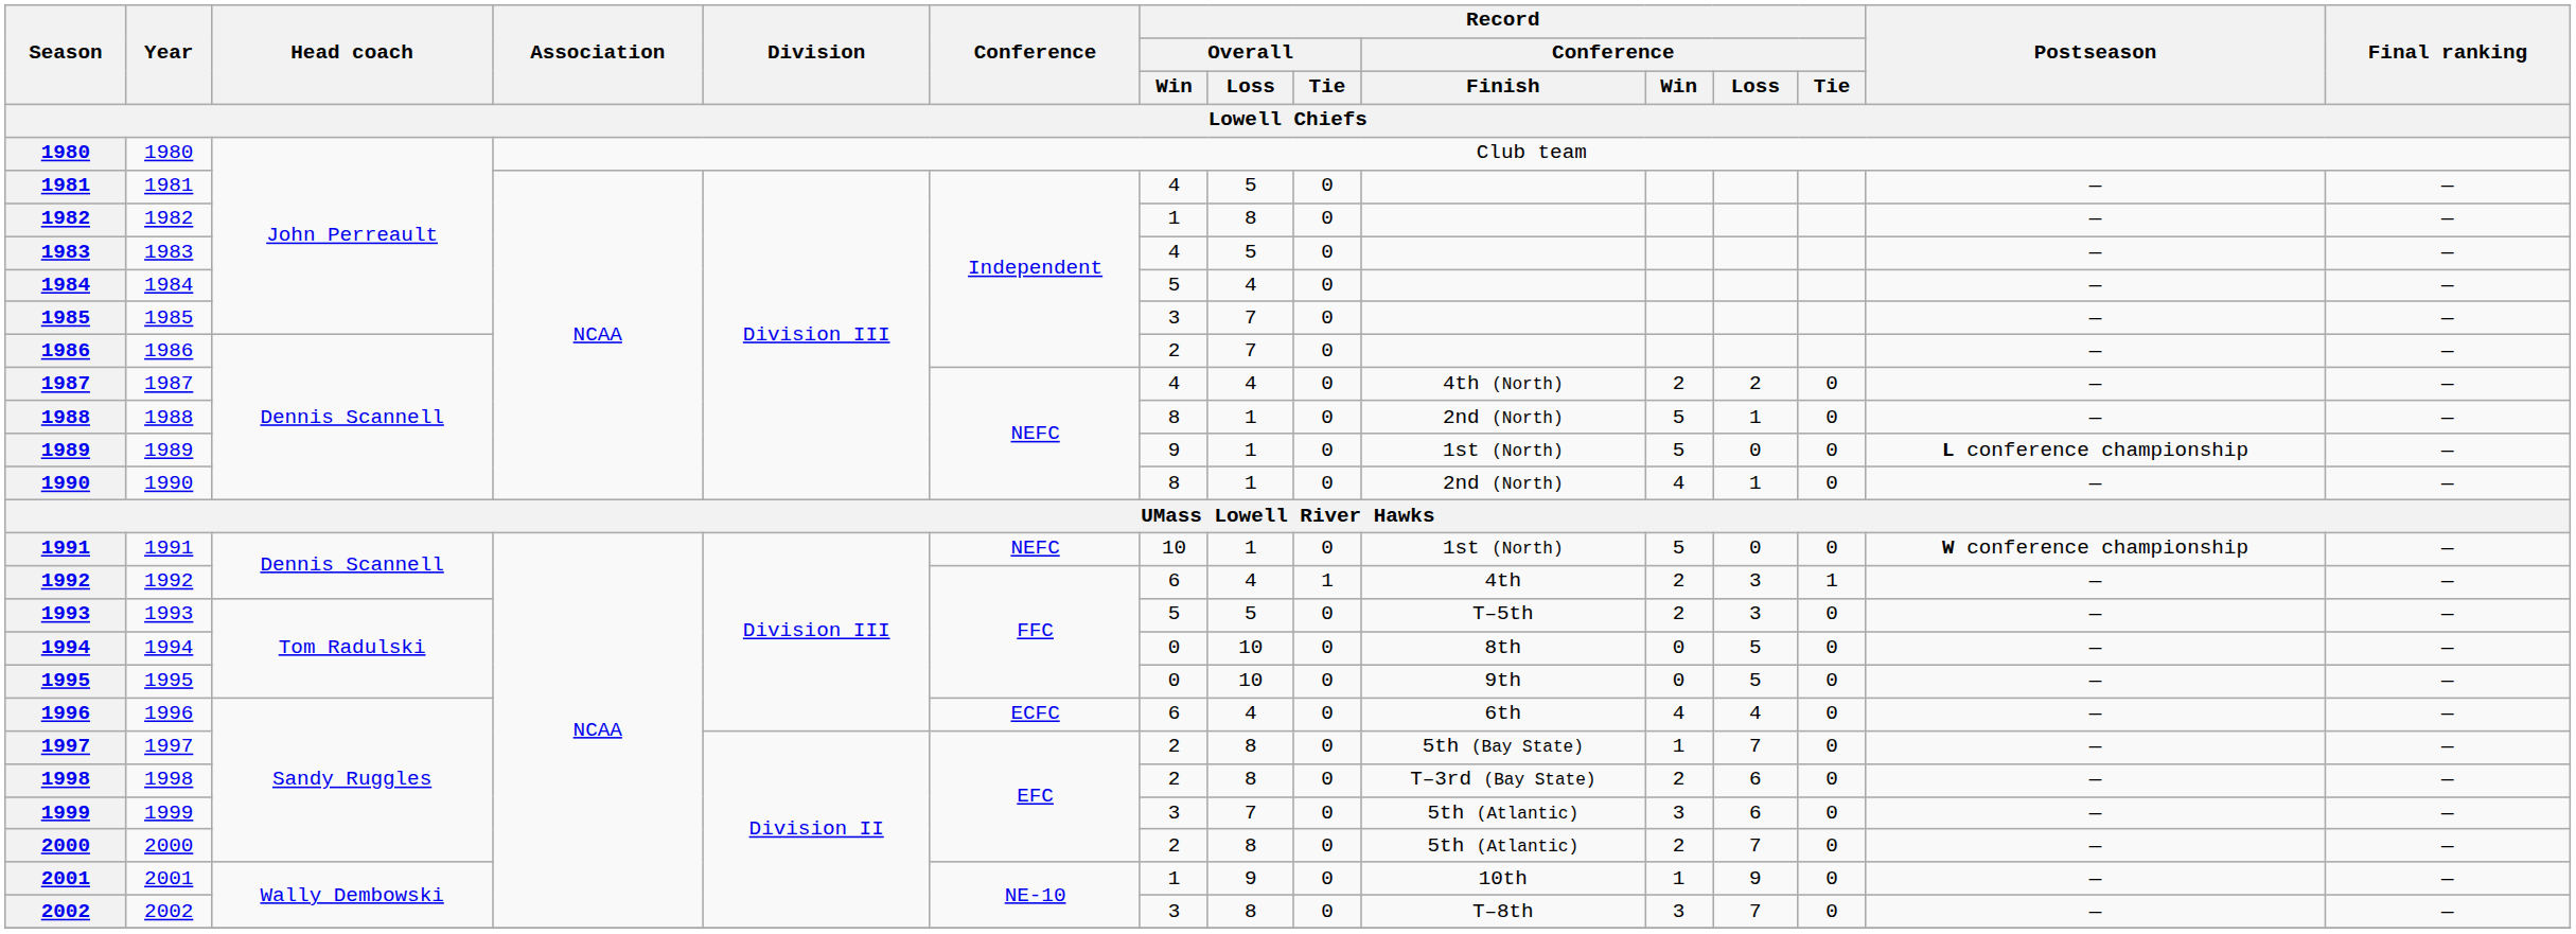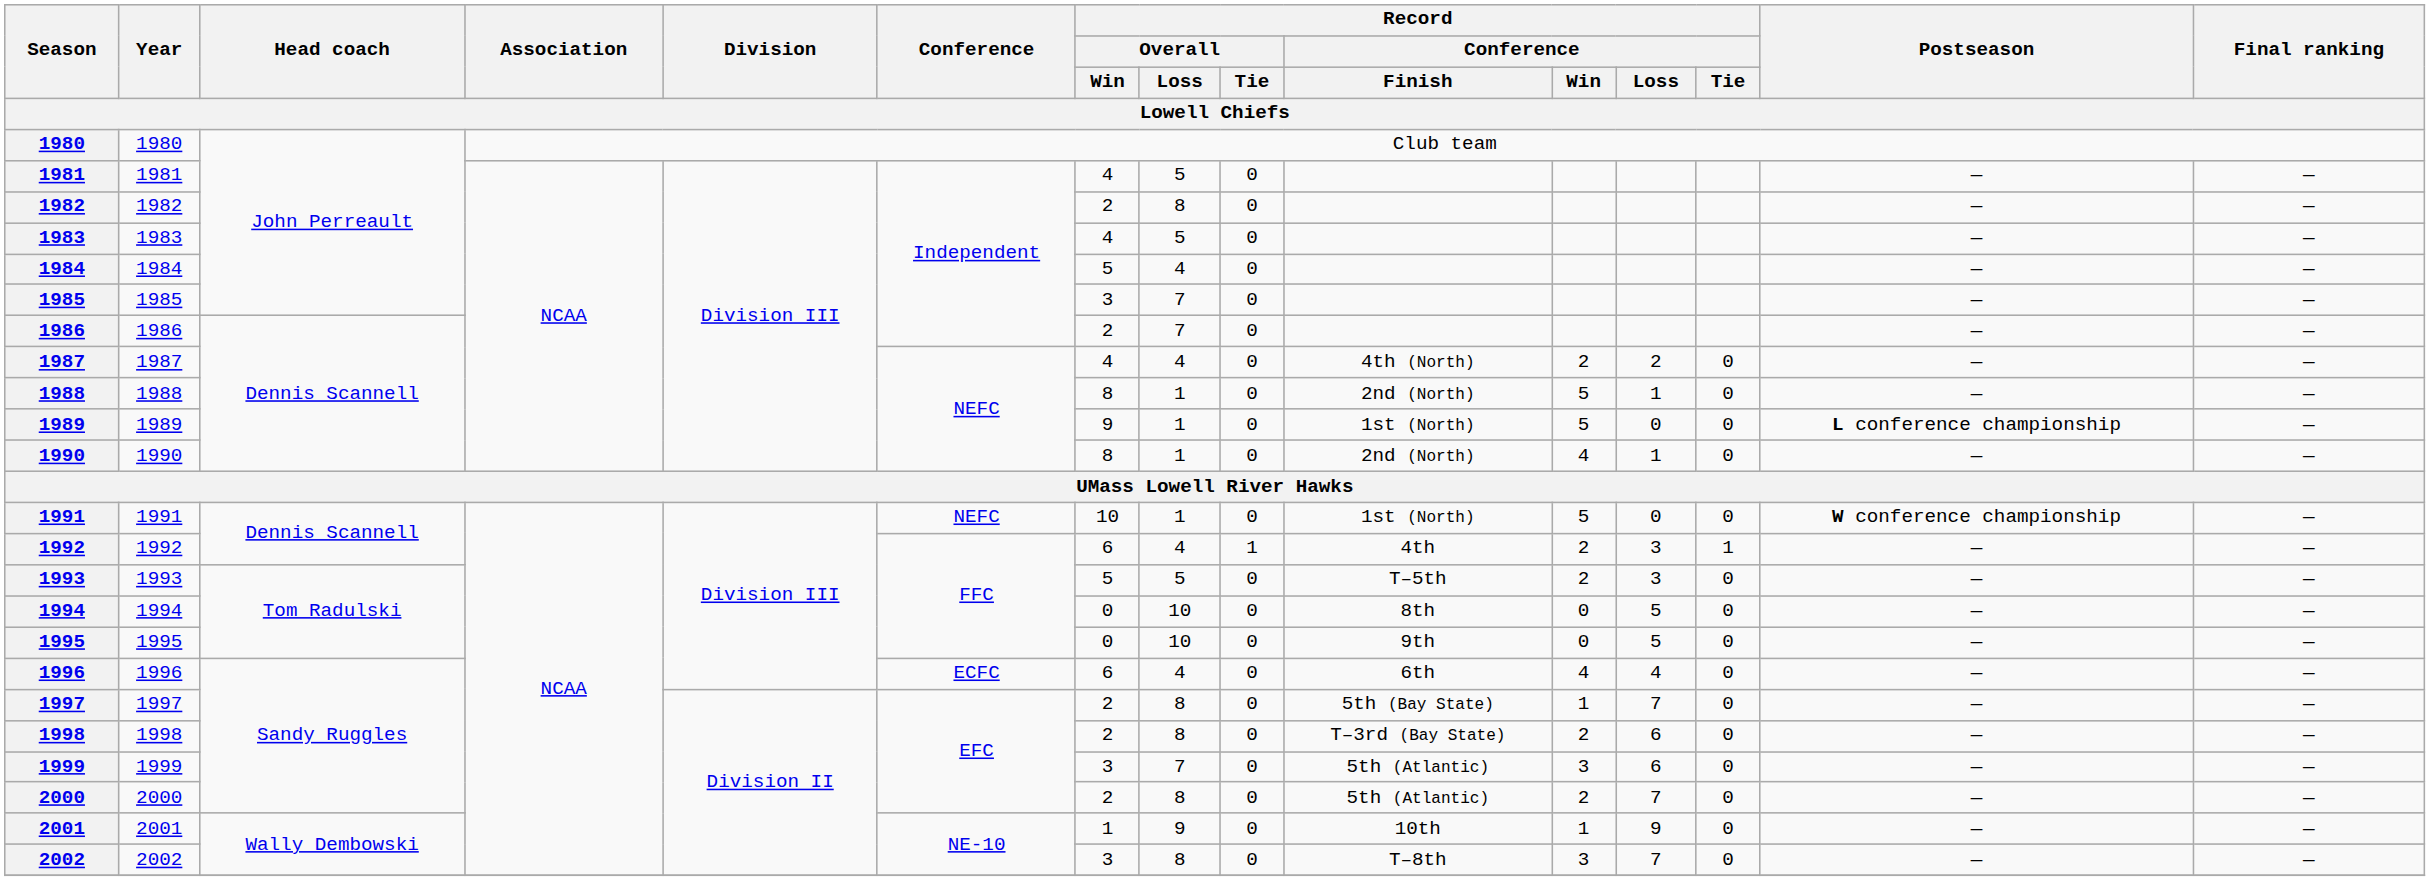 <table class="wikitable" style="font-size: 95%; width:98%;text-align:center;">
 <tr>
 <th rowspan="3">Season</th>
 <th rowspan="3">Year</th>
 <th rowspan="3">Head coach</th>
 <th rowspan="3">Association</th>
 <th rowspan="3">Division</th>
 <th rowspan="3">Conference</th>
 <th colspan="7">Record</th>
 <th rowspan="3">Postseason</th>
 <th rowspan="3">Final ranking</th>
 </tr>
 <tr>
 <th colspan="3">Overall</th>
 <th colspan="4">Conference</th>
 </tr>
 <tr>
 <th>Win</th>
 <th>Loss</th>
 <th>Tie</th>
 <th>Finish</th>
 <th>Win</th>
 <th>Loss</th>
 <th>Tie</th>
 </tr>
 <tr>
 <th colspan="15">Lowell Chiefs</th>
 </tr>
 <tr>
 <th><a href='#'>1980</a></th>
 <td><a href='#'>1980</a></td>
 <td rowspan="6"><a href='#'>John Perreault</a></td>
 <td colspan="12" rowspan="1">Club team</td>
 </tr>
 <tr>
 <th><a href='#'>1981</a></th>
 <td><a href='#'>1981</a></td>
 <td rowspan="10"><a href='#'>NCAA</a></td>
 <td rowspan="10"><a href='#'>Division III</a></td>
 <td rowspan="6"><a href='#'>Independent</a></td>
 <td>4</td>
 <td>5</td>
 <td>0</td>
 <td></td>
 <td></td>
 <td></td>
 <td></td>
 <td>—</td>
 <td>—</td>
 </tr>
 <tr>
 <th><a href='#'>1982</a></th>
 <td><a href='#'>1982</a></td>
-<td>1</td>
+<td>2</td>
 <td>8</td>
 <td>0</td>
 <td></td>
 <td></td>
 <td></td>
 <td></td>
 <td>—</td>
 <td>—</td>
 </tr>
 <tr>
 <th><a href='#'>1983</a></th>
 <td><a href='#'>1983</a></td>
 <td>4</td>
 <td>5</td>
 <td>0</td>
 <td></td>
 <td></td>
 <td></td>
 <td></td>
 <td>—</td>
 <td>—</td>
 </tr>
 <tr>
 <th><a href='#'>1984</a></th>
 <td><a href='#'>1984</a></td>
 <td>5</td>
 <td>4</td>
 <td>0</td>
 <td></td>
 <td></td>
 <td></td>
 <td></td>
 <td>—</td>
 <td>—</td>
 </tr>
 <tr>
 <th><a href='#'>1985</a></th>
 <td><a href='#'>1985</a></td>
 <td>3</td>
 <td>7</td>
 <td>0</td>
 <td></td>
 <td></td>
 <td></td>
 <td></td>
 <td>—</td>
 <td>—</td>
 </tr>
 <tr>
 <th><a href='#'>1986</a></th>
 <td><a href='#'>1986</a></td>
 <td rowspan="5"><a href='#'>Dennis Scannell</a></td>
 <td>2</td>
 <td>7</td>
 <td>0</td>
 <td></td>
 <td></td>
 <td></td>
 <td></td>
 <td>—</td>
 <td>—</td>
 </tr>
 <tr>
 <th><a href='#'>1987</a></th>
 <td><a href='#'>1987</a></td>
 <td rowspan="4"><a href='#'>NEFC</a></td>
 <td>4</td>
 <td>4</td>
 <td>0</td>
 <td>4th <small>(North)</small></td>
 <td>2</td>
 <td>2</td>
 <td>0</td>
 <td>—</td>
 <td>—</td>
 </tr>
 <tr>
 <th><a href='#'>1988</a></th>
 <td><a href='#'>1988</a></td>
 <td>8</td>
 <td>1</td>
 <td>0</td>
 <td>2nd <small>(North)</small></td>
 <td>5</td>
 <td>1</td>
 <td>0</td>
 <td>—</td>
 <td>—</td>
 </tr>
 <tr>
 <th><a href='#'>1989</a></th>
 <td><a href='#'>1989</a></td>
 <td>9</td>
 <td>1</td>
 <td>0</td>
 <td>1st <small>(North)</small></td>
 <td>5</td>
 <td>0</td>
 <td>0</td>
 <td><strong>L</strong> conference championship</td>
 <td>—</td>
 </tr>
 <tr>
 <th><a href='#'>1990</a></th>
 <td><a href='#'>1990</a></td>
 <td>8</td>
 <td>1</td>
 <td>0</td>
 <td>2nd <small>(North)</small></td>
 <td>4</td>
 <td>1</td>
 <td>0</td>
 <td>—</td>
 <td>—</td>
 </tr>
 <tr>
 <th colspan="15">UMass Lowell River Hawks</th>
 </tr>
 <tr>
 <th><a href='#'>1991</a></th>
 <td><a href='#'>1991</a></td>
 <td rowspan="2"><a href='#'>Dennis Scannell</a></td>
 <td rowspan="12"><a href='#'>NCAA</a></td>
 <td rowspan="6"><a href='#'>Division III</a></td>
 <td rowspan="1"><a href='#'>NEFC</a></td>
 <td>10</td>
 <td>1</td>
 <td>0</td>
 <td>1st <small>(North)</small></td>
 <td>5</td>
 <td>0</td>
 <td>0</td>
 <td><strong>W</strong> conference championship</td>
 <td>—</td>
 </tr>
 <tr>
 <th><a href='#'>1992</a></th>
 <td><a href='#'>1992</a></td>
 <td rowspan="4"><a href='#'>FFC</a></td>
 <td>6</td>
 <td>4</td>
 <td>1</td>
 <td>4th</td>
 <td>2</td>
 <td>3</td>
 <td>1</td>
 <td>—</td>
 <td>—</td>
 </tr>
 <tr>
 <th><a href='#'>1993</a></th>
 <td><a href='#'>1993</a></td>
 <td rowspan="3"><a href='#'>Tom Radulski</a></td>
 <td>5</td>
 <td>5</td>
 <td>0</td>
 <td>T–5th</td>
 <td>2</td>
 <td>3</td>
 <td>0</td>
 <td>—</td>
 <td>—</td>
 </tr>
 <tr>
 <th><a href='#'>1994</a></th>
 <td><a href='#'>1994</a></td>
 <td>0</td>
 <td>10</td>
 <td>0</td>
 <td>8th</td>
 <td>0</td>
 <td>5</td>
 <td>0</td>
 <td>—</td>
 <td>—</td>
 </tr>
 <tr>
 <th><a href='#'>1995</a></th>
 <td><a href='#'>1995</a></td>
 <td>0</td>
 <td>10</td>
 <td>0</td>
 <td>9th</td>
 <td>0</td>
 <td>5</td>
 <td>0</td>
 <td>—</td>
 <td>—</td>
 </tr>
 <tr>
 <th><a href='#'>1996</a></th>
 <td><a href='#'>1996</a></td>
 <td rowspan="5"><a href='#'>Sandy Ruggles</a></td>
 <td rowspan="1"><a href='#'>ECFC</a></td>
 <td>6</td>
 <td>4</td>
 <td>0</td>
 <td>6th</td>
 <td>4</td>
 <td>4</td>
 <td>0</td>
 <td>—</td>
 <td>—</td>
 </tr>
 <tr>
 <th><a href='#'>1997</a></th>
 <td><a href='#'>1997</a></td>
 <td rowspan="6"><a href='#'>Division II</a></td>
 <td rowspan="4"><a href='#'>EFC</a></td>
 <td>2</td>
 <td>8</td>
 <td>0</td>
 <td>5th <small>(Bay State)</small></td>
 <td>1</td>
 <td>7</td>
 <td>0</td>
 <td>—</td>
 <td>—</td>
 </tr>
 <tr>
 <th><a href='#'>1998</a></th>
 <td><a href='#'>1998</a></td>
 <td>2</td>
 <td>8</td>
 <td>0</td>
 <td>T–3rd <small>(Bay State)</small></td>
 <td>2</td>
 <td>6</td>
 <td>0</td>
 <td>—</td>
 <td>—</td>
 </tr>
 <tr>
 <th><a href='#'>1999</a></th>
 <td><a href='#'>1999</a></td>
 <td>3</td>
 <td>7</td>
 <td>0</td>
 <td>5th <small>(Atlantic)</small></td>
 <td>3</td>
 <td>6</td>
 <td>0</td>
 <td>—</td>
 <td>—</td>
 </tr>
 <tr>
 <th><a href='#'>2000</a></th>
 <td><a href='#'>2000</a></td>
 <td>2</td>
 <td>8</td>
 <td>0</td>
 <td>5th <small>(Atlantic)</small></td>
 <td>2</td>
 <td>7</td>
 <td>0</td>
 <td>—</td>
 <td>—</td>
 </tr>
 <tr>
 <th><a href='#'>2001</a></th>
 <td><a href='#'>2001</a></td>
 <td rowspan="2"><a href='#'>Wally Dembowski</a></td>
 <td rowspan="2"><a href='#'>NE-10</a></td>
 <td>1</td>
 <td>9</td>
 <td>0</td>
 <td>10th</td>
 <td>1</td>
 <td>9</td>
 <td>0</td>
 <td>—</td>
 <td>—</td>
 </tr>
 <tr>
 <th><a href='#'>2002</a></th>
 <td><a href='#'>2002</a></td>
 <td>3</td>
 <td>8</td>
 <td>0</td>
 <td>T–8th</td>
 <td>3</td>
 <td>7</td>
 <td>0</td>
 <td>—</td>
 <td>—</td>
 </tr>
 <tr>
 </tr>
 </table>
